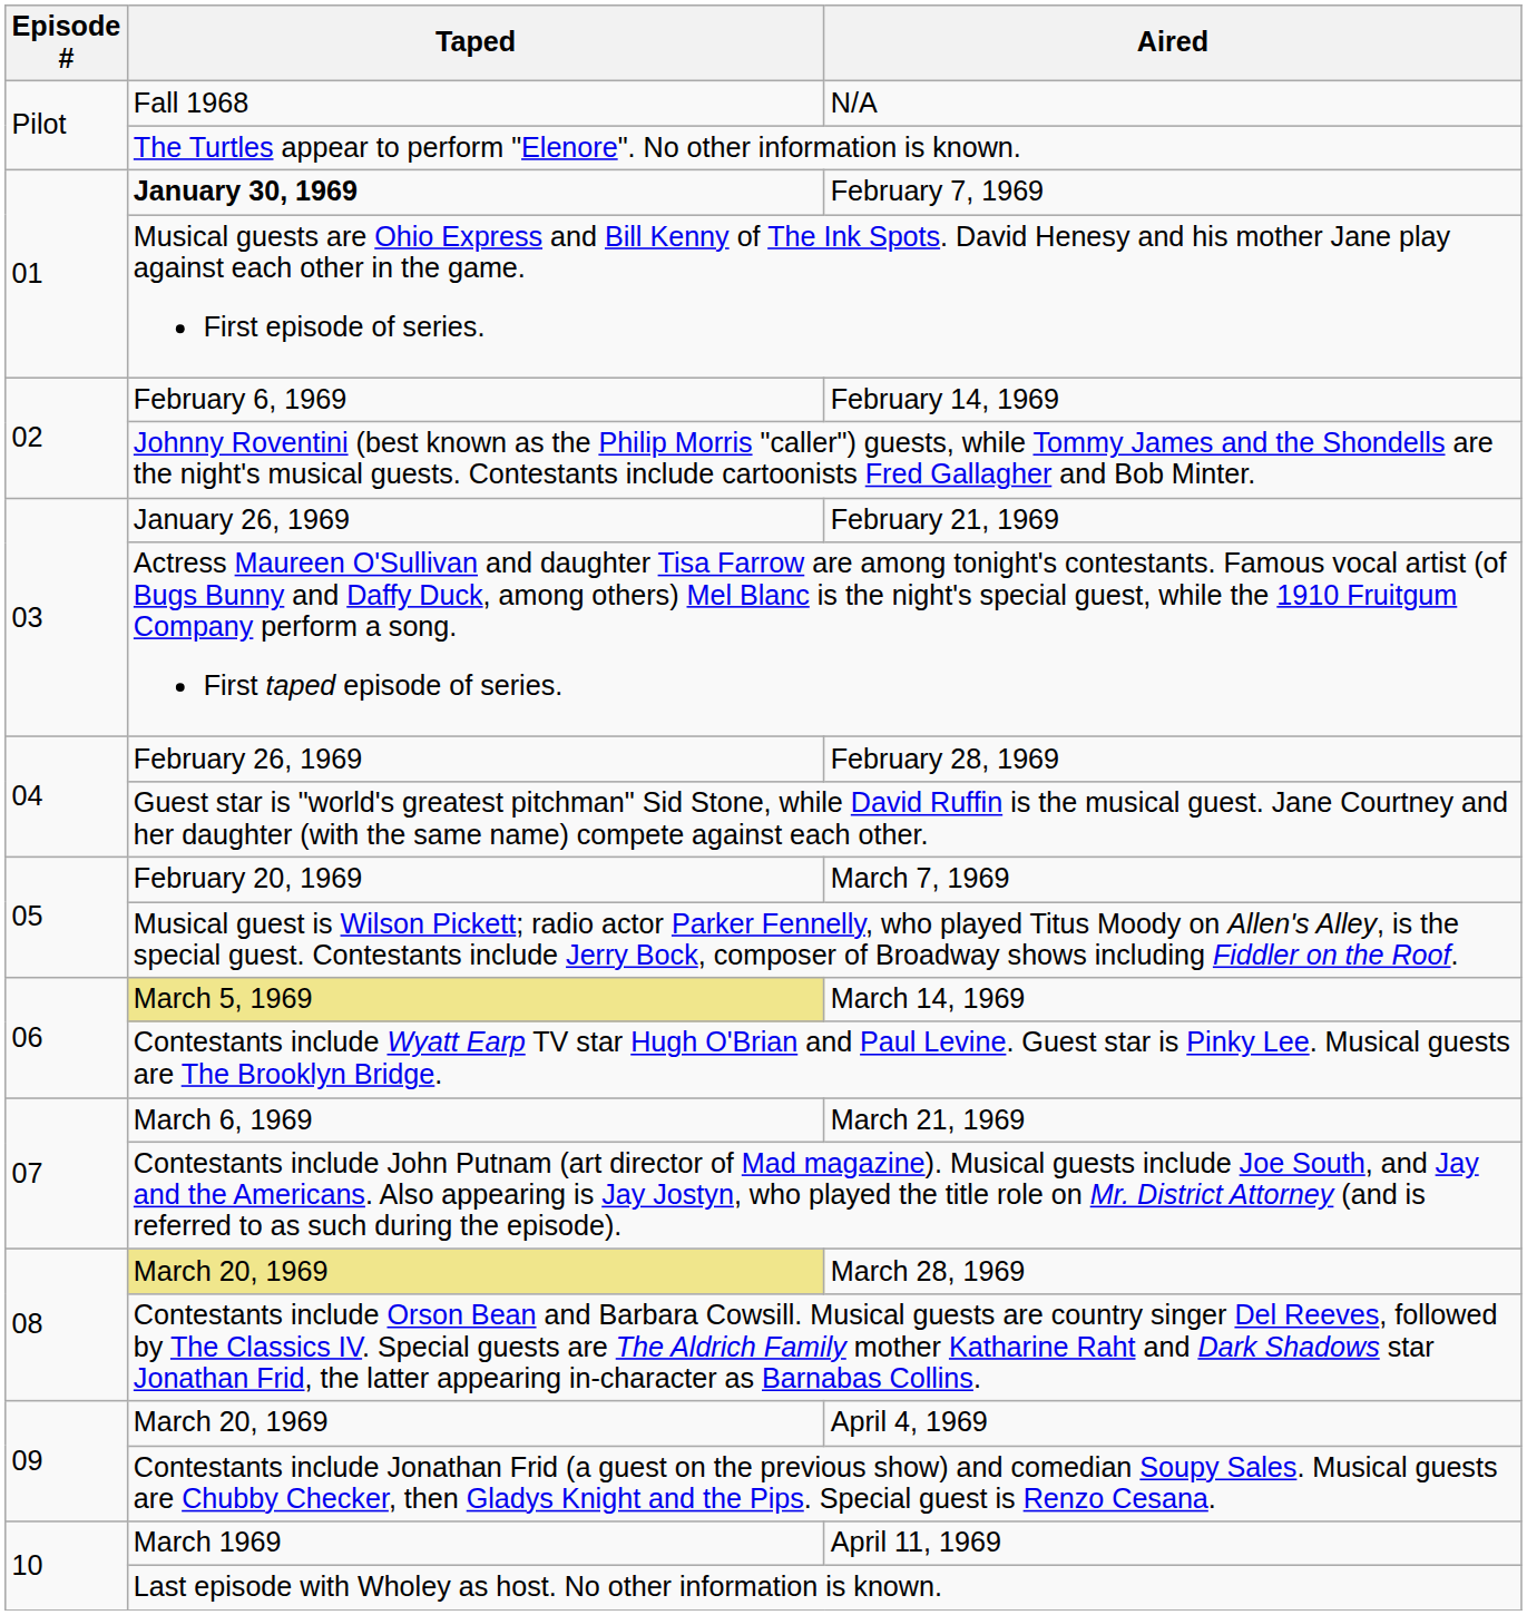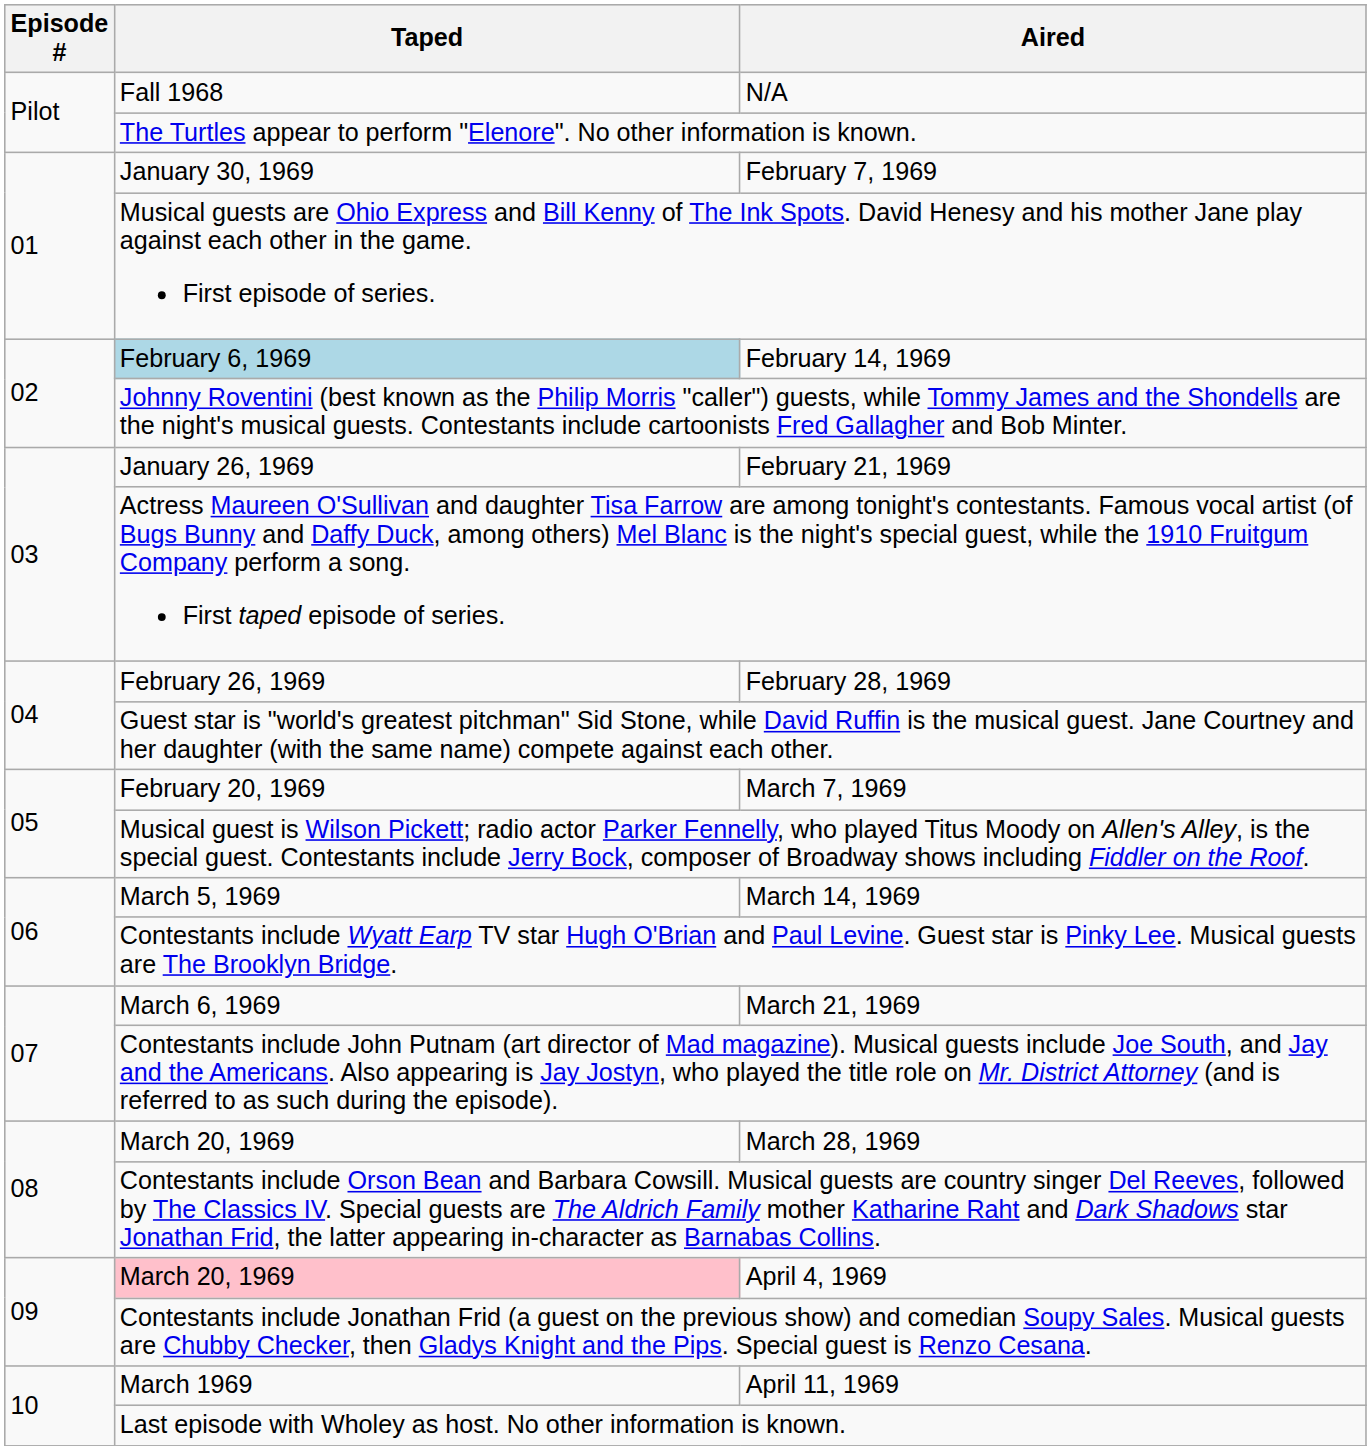 <table class="wikitable">
 <tr>
 <th width="30">Episode #</th>
 <th>Taped</th>
 <th>Aired</th>
 </tr>
 <tr>
 <td rowspan="2">Pilot</td>
 <td>Fall 1968</td>
 <td>N/A</td>
 </tr>
 <tr>
 <td colspan="4"><a href='#'>The Turtles</a> appear to perform "<a href='#'>Elenore</a>". No other information is known.</td>
 </tr>
 <tr>
 <td rowspan="2">01</td>
-<td><strong>January 30, 1969</strong></td>
+<td>January 30, 1969</td>
 <td>February 7, 1969</td>
 </tr>
 <tr>
 <td colspan="2">Musical guests are <a href='#'>Ohio Express</a> and <a href='#'>Bill Kenny</a> of <a href='#'>The Ink Spots</a>. David Henesy and his mother Jane play against each other in the game.<br><ul><li>First episode of series.</li></ul></td>
 </tr>
 <tr>
 <td rowspan="2">02</td>
-<td>February 6, 1969</td>
+<td style="background: lightblue;">February 6, 1969</td>
 <td>February 14, 1969</td>
 </tr>
 <tr>
 <td colspan="2"><a href='#'>Johnny Roventini</a> (best known as the <a href='#'>Philip Morris</a> "caller") guests, while <a href='#'>Tommy James and the Shondells</a> are the night's musical guests. Contestants include cartoonists <a href='#'>Fred Gallagher</a> and Bob Minter.</td>
 </tr>
 <tr>
 <td rowspan="2">03</td>
 <td>January 26, 1969</td>
 <td>February 21, 1969</td>
 </tr>
 <tr>
 <td colspan="2">Actress <a href='#'>Maureen O'Sullivan</a> and daughter <a href='#'>Tisa Farrow</a> are among tonight's contestants. Famous vocal artist (of <a href='#'>Bugs Bunny</a> and <a href='#'>Daffy Duck</a>, among others) <a href='#'>Mel Blanc</a> is the night's special guest, while the <a href='#'>1910 Fruitgum Company</a> perform a song.<br><ul><li>First <em>taped</em> episode of series.</li></ul></td>
 </tr>
 <tr>
 <td rowspan="2">04</td>
 <td>February 26, 1969</td>
 <td>February 28, 1969</td>
 </tr>
 <tr>
 <td colspan="3">Guest star is "world's greatest pitchman" Sid Stone, while <a href='#'>David Ruffin</a> is the musical guest. Jane Courtney and her daughter (with the same name) compete against each other.</td>
 </tr>
 <tr>
 <td rowspan="2">05</td>
 <td>February 20, 1969</td>
 <td>March 7, 1969</td>
 </tr>
 <tr>
 <td colspan="3">Musical guest is <a href='#'>Wilson Pickett</a>; radio actor <a href='#'>Parker Fennelly</a>, who played Titus Moody on <em>Allen's Alley</em>, is the special guest. Contestants include <a href='#'>Jerry Bock</a>, composer of Broadway shows including <em><a href='#'>Fiddler on the Roof</a></em>.</td>
 </tr>
 <tr>
 <td rowspan="2">06</td>
-<td style="background: khaki;">March 5, 1969</td>
+<td>March 5, 1969</td>
 <td>March 14, 1969</td>
 </tr>
 <tr>
 <td colspan="3">Contestants include <em><a href='#'>Wyatt Earp</a></em> TV star <a href='#'>Hugh O'Brian</a> and <a href='#'>Paul Levine</a>. Guest star is <a href='#'>Pinky Lee</a>. Musical guests are <a href='#'>The Brooklyn Bridge</a>.</td>
 </tr>
 <tr>
 <td rowspan="2">07</td>
 <td>March 6, 1969</td>
 <td>March 21, 1969</td>
 </tr>
 <tr>
 <td colspan="3">Contestants include John Putnam (art director of <a href='#'>Mad magazine</a>). Musical guests include <a href='#'>Joe South</a>, and <a href='#'>Jay and the Americans</a>. Also appearing is <a href='#'>Jay Jostyn</a>, who played the title role on <em><a href='#'>Mr. District Attorney</a></em> (and is referred to as such during the episode).</td>
 </tr>
 <tr>
 <td rowspan="2">08</td>
-<td style="background: khaki;">March 20, 1969</td>
+<td>March 20, 1969</td>
 <td>March 28, 1969</td>
 </tr>
 <tr>
 <td colspan="3">Contestants include <a href='#'>Orson Bean</a> and Barbara Cowsill. Musical guests are country singer <a href='#'>Del Reeves</a>, followed by <a href='#'>The Classics IV</a>. Special guests are <em><a href='#'>The Aldrich Family</a></em> mother <a href='#'>Katharine Raht</a> and <em><a href='#'>Dark Shadows</a></em> star <a href='#'>Jonathan Frid</a>, the latter appearing in-character as <a href='#'>Barnabas Collins</a>.</td>
 </tr>
 <tr>
 <td rowspan="2">09</td>
-<td>March 20, 1969</td>
+<td style="background: pink;">March 20, 1969</td>
 <td>April 4, 1969</td>
 </tr>
 <tr>
 <td colspan="3">Contestants include Jonathan Frid (a guest on the previous show) and comedian <a href='#'>Soupy Sales</a>. Musical guests are <a href='#'>Chubby Checker</a>, then <a href='#'>Gladys Knight and the Pips</a>. Special guest is <a href='#'>Renzo Cesana</a>.</td>
 </tr>
 <tr>
 <td rowspan="2">10</td>
 <td>March 1969</td>
 <td>April 11, 1969</td>
 </tr>
 <tr>
 <td colspan="3">Last episode with Wholey as host. No other information is known.</td>
 </tr>
 <tr>
 </tr>
 </table>
